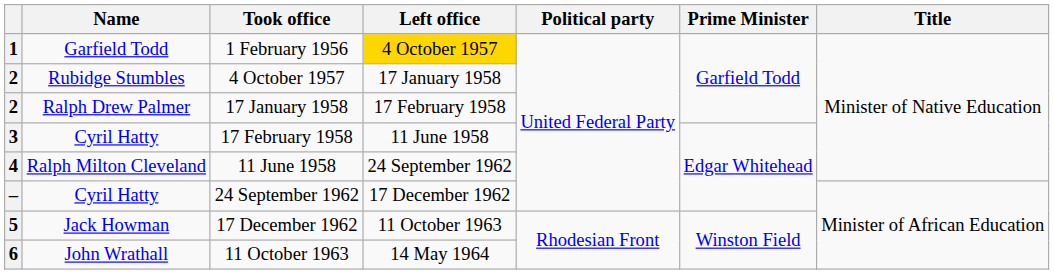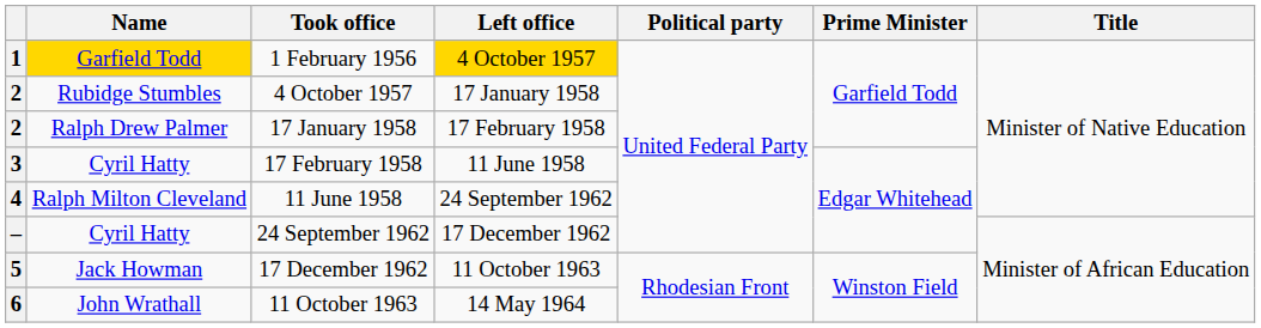 <table class="wikitable" style="text-align:center">
 <tr>
 <th></th>
 <th>Name</th>
 <th>Took office</th>
 <th>Left office</th>
 <th>Political party</th>
 <th>Prime Minister</th>
 <th>Title</th>
 </tr>
 <tr>
 <th style="background:">1</th>
-<td><a href='#'>Garfield Todd</a></td>
+<td style="background: gold;"><a href='#'>Garfield Todd</a></td>
 <td>1 February 1956</td>
 <td style="background: gold;">4 October 1957</td>
 <td rowspan="6"><a href='#'>United Federal Party</a></td>
 <td rowspan="3"><a href='#'>Garfield Todd</a></td>
 <td rowspan="5">Minister of Native Education</td>
 </tr>
 <tr>
 <th style="background:">2</th>
 <td><a href='#'>Rubidge Stumbles</a></td>
 <td>4 October 1957</td>
 <td>17 January 1958</td>
 </tr>
 <tr>
 <th style="background:">2</th>
 <td><a href='#'>Ralph Drew Palmer</a></td>
 <td>17 January 1958</td>
 <td>17 February 1958</td>
 </tr>
 <tr>
 <th style="background:">3</th>
 <td><a href='#'>Cyril Hatty</a></td>
 <td>17 February 1958</td>
 <td>11 June 1958</td>
 <td rowspan="3"><a href='#'>Edgar Whitehead</a></td>
 </tr>
 <tr>
 <th style="background:">4</th>
 <td><a href='#'>Ralph Milton Cleveland</a></td>
 <td>11 June 1958</td>
 <td>24 September 1962</td>
 </tr>
 <tr>
 <th style="background:">–</th>
 <td><a href='#'>Cyril Hatty</a></td>
 <td>24 September 1962</td>
 <td>17 December 1962</td>
 <td rowspan="3">Minister of African Education</td>
 </tr>
 <tr>
 <th style="background:">5</th>
 <td><a href='#'>Jack Howman</a></td>
 <td>17 December 1962</td>
 <td>11 October 1963</td>
 <td rowspan="2"><a href='#'>Rhodesian Front</a></td>
 <td rowspan="2"><a href='#'>Winston Field</a></td>
 </tr>
 <tr>
 <th style="background:">6</th>
 <td><a href='#'>John Wrathall</a></td>
 <td>11 October 1963</td>
 <td>14 May 1964</td>
 </tr>
 </table>
